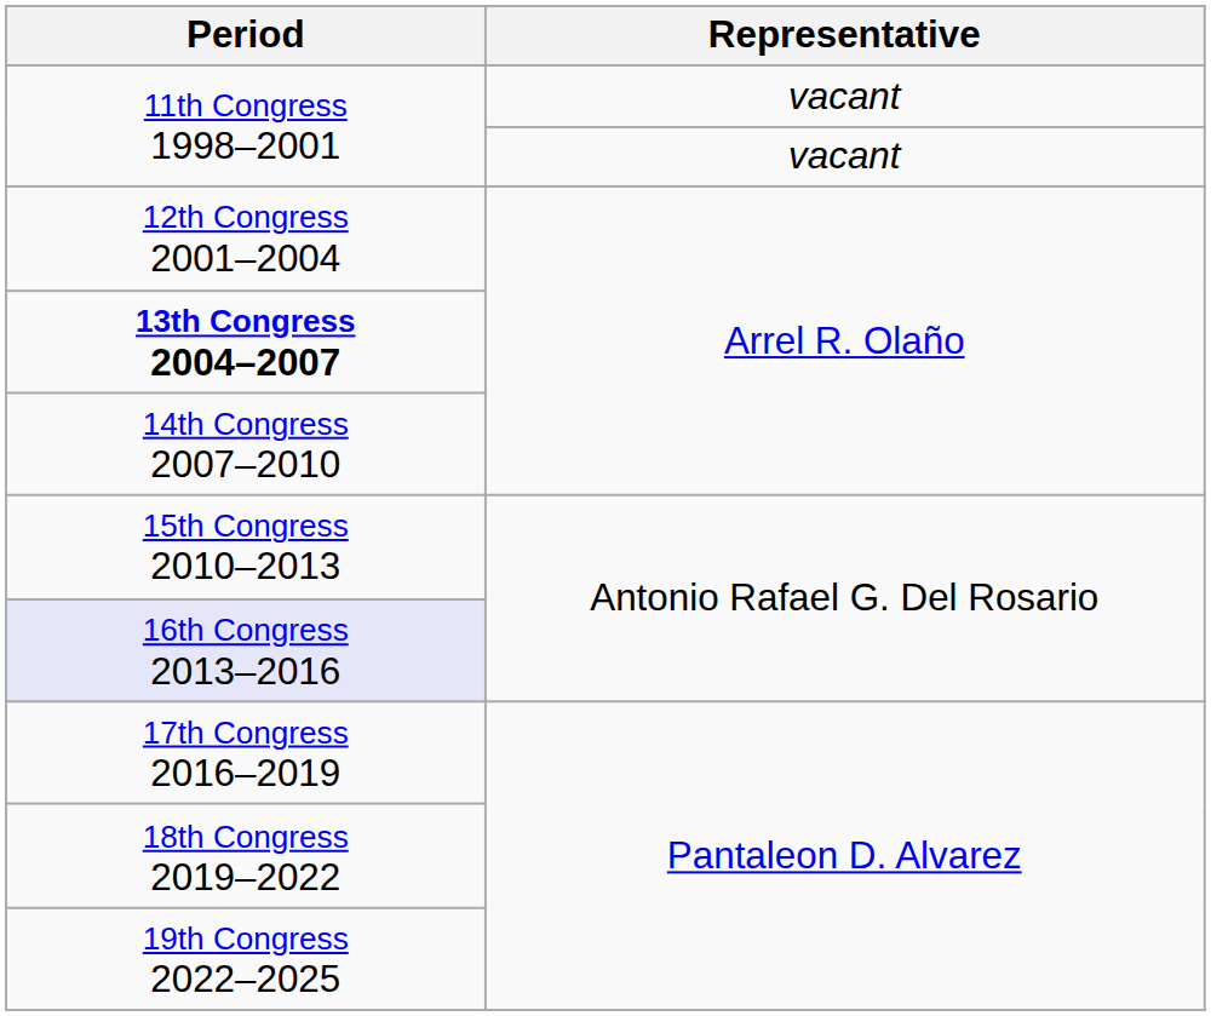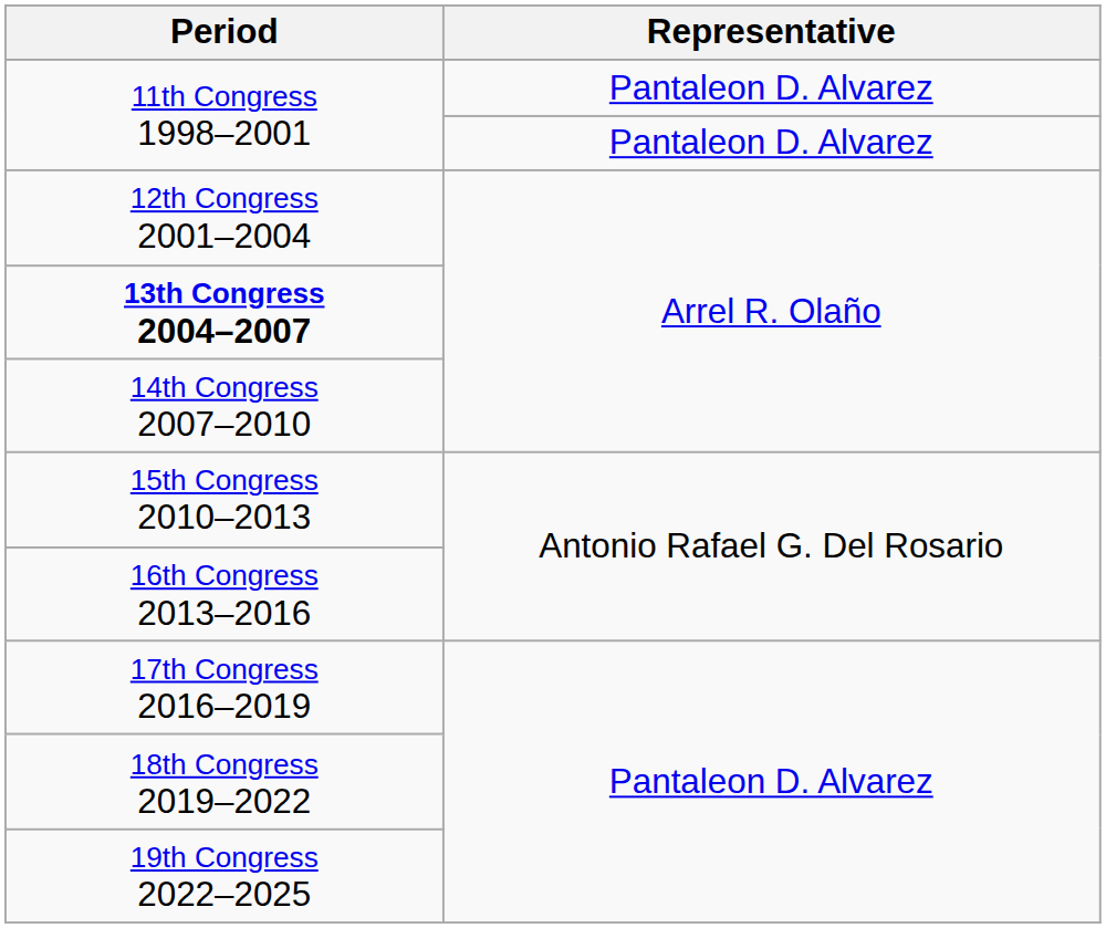 <table class="wikitable" style="text-align:center; width:40%;">
 <tr>
 <th width="40%">Period</th>
 <th>Representative</th>
 </tr>
 <tr>
 <td rowspan="2"><small><a href='#'>11th Congress</a></small><br>1998–2001</td>
-<td><em>vacant</em></td>
+<td><a href='#'>Pantaleon D. Alvarez</a></td>
 </tr>
 <tr>
-<td><em>vacant</em></td>
+<td><a href='#'>Pantaleon D. Alvarez</a></td>
 </tr>
 <tr>
 <td><small><a href='#'>12th Congress</a></small><br>2001–2004</td>
 <td rowspan="3"><a href='#'>Arrel R. Olaño</a></td>
 </tr>
 <tr>
 <td><strong><small><a href='#'>13th Congress</a></small><br>2004–2007</strong></td>
 </tr>
 <tr>
 <td><small><a href='#'>14th Congress</a></small><br>2007–2010</td>
 </tr>
 <tr>
 <td><small><a href='#'>15th Congress</a></small><br>2010–2013</td>
 <td rowspan="2">Antonio Rafael G. Del Rosario</td>
 </tr>
 <tr>
-<td style="background: lavender;"><small><a href='#'>16th Congress</a></small><br>2013–2016</td>
+<td><small><a href='#'>16th Congress</a></small><br>2013–2016</td>
 </tr>
 <tr>
 <td><small><a href='#'>17th Congress</a></small><br>2016–2019</td>
 <td rowspan="3"><a href='#'>Pantaleon D. Alvarez</a></td>
 </tr>
 <tr>
 <td><small><a href='#'>18th Congress</a></small><br>2019–2022</td>
 </tr>
 <tr>
 <td><small><a href='#'>19th Congress</a></small><br>2022–2025</td>
 </tr>
 </table>
